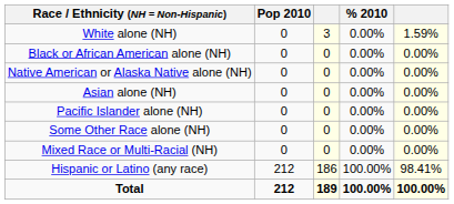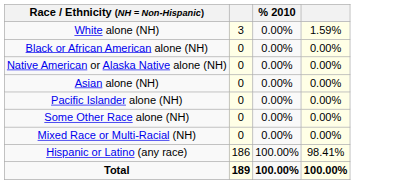 <table class="wikitable" style="text-align:center;">
 <tr>
 <th>Race / Ethnicity <small>(<em>NH = Non-Hispanic</em>)</small></th>
-<th>Pop 2010</th>
 <th></th>
 <th>% 2010</th>
 <th></th>
 </tr>
 <tr>
 <td><a href='#'>White</a> alone (NH)</td>
-<td>0</td>
 <td style='background: #ffffe6;'>3</td>
 <td>0.00%</td>
 <td style='background: #ffffe6;'>1.59%</td>
 </tr>
 <tr>
 <td><a href='#'>Black or African American</a> alone (NH)</td>
-<td>0</td>
 <td style='background: #ffffe6;'>0</td>
 <td>0.00%</td>
 <td style='background: #ffffe6;'>0.00%</td>
 </tr>
 <tr>
 <td><a href='#'>Native American</a> or <a href='#'>Alaska Native</a> alone (NH)</td>
-<td>0</td>
 <td style='background: #ffffe6;'>0</td>
 <td>0.00%</td>
 <td style='background: #ffffe6;'>0.00%</td>
 </tr>
 <tr>
 <td><a href='#'>Asian</a> alone (NH)</td>
-<td>0</td>
 <td style='background: #ffffe6;'>0</td>
 <td>0.00%</td>
 <td style='background: #ffffe6;'>0.00%</td>
 </tr>
 <tr>
 <td><a href='#'>Pacific Islander</a> alone (NH)</td>
-<td>0</td>
 <td style='background: #ffffe6;'>0</td>
 <td>0.00%</td>
 <td style='background: #ffffe6;'>0.00%</td>
 </tr>
 <tr>
 <td><a href='#'>Some Other Race</a> alone (NH)</td>
-<td>0</td>
 <td style='background: #ffffe6;'>0</td>
 <td>0.00%</td>
 <td style='background: #ffffe6;'>0.00%</td>
 </tr>
 <tr>
 <td><a href='#'>Mixed Race or Multi-Racial</a> (NH)</td>
-<td>0</td>
 <td style='background: #ffffe6;'>0</td>
 <td>0.00%</td>
 <td style='background: #ffffe6;'>0.00%</td>
 </tr>
 <tr>
 <td><a href='#'>Hispanic or Latino</a> (any race)</td>
-<td>212</td>
 <td style='background: #ffffe6;'>186</td>
 <td>100.00%</td>
 <td style='background: #ffffe6;'>98.41%</td>
 </tr>
 <tr>
 <td><strong>Total</strong></td>
-<td><strong>212</strong></td>
 <td style='background: #ffffe6;'><strong>189</strong></td>
 <td><strong>100.00%</strong></td>
 <td style='background: #ffffe6;'><strong>100.00%</strong></td>
 </tr>
 </table>
